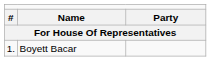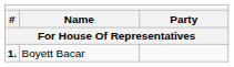 <table class=wikitable style="font-size:90%">
 <tr>
 <td colspan=5 bgcolor=></td>
 </tr>
 <tr>
 <th>#</th>
 <th width=150px>Name</th>
 <th colspan=2 width=110px>Party</th>
 </tr>
 <tr>
 <th colspan=5>For House Of Representatives</th>
 </tr>
 <tr>
-<td>1.</td>
+<td><strong>1.</strong></td>
 <td>Boyett Bacar</td>
 <td></td>
 </tr>
 </table>
